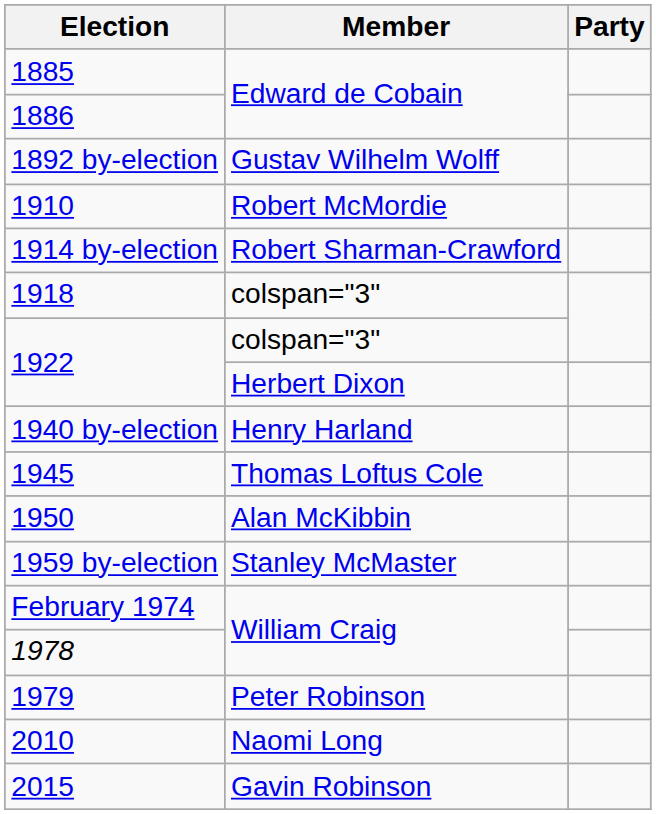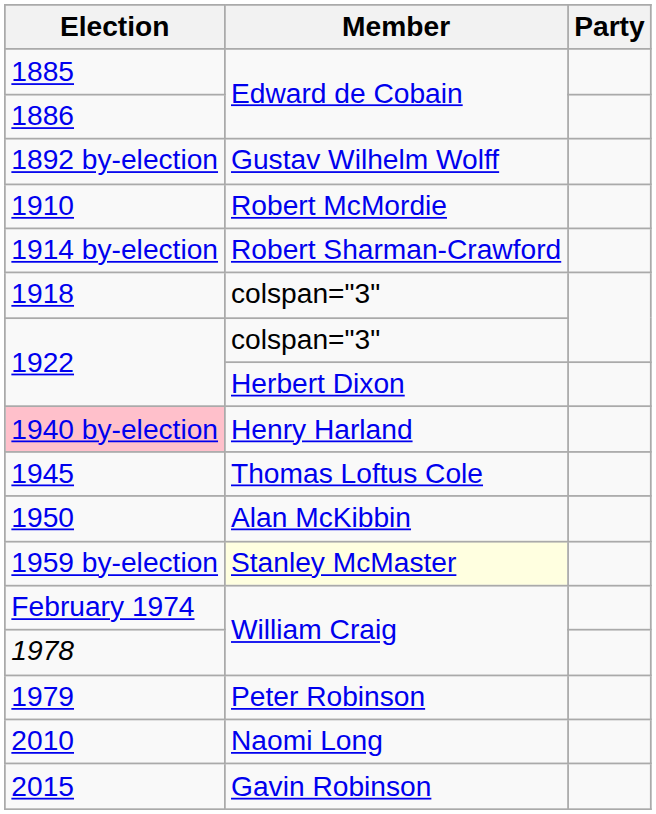 <table class="wikitable">
 <tr>
 <th>Election</th>
 <th>Member</th>
 <th colspan="2">Party</th>
 </tr>
 <tr>
 <td><a href='#'>1885</a></td>
 <td rowspan="2"><a href='#'>Edward de Cobain</a></td>
 <td></td>
 </tr>
 <tr>
 <td><a href='#'>1886</a></td>
 <td></td>
 </tr>
 <tr>
 <td><a href='#'>1892 by-election</a></td>
 <td><a href='#'>Gustav Wilhelm Wolff</a></td>
 <td></td>
 </tr>
 <tr>
 <td><a href='#'>1910</a></td>
 <td><a href='#'>Robert McMordie</a></td>
 <td></td>
 </tr>
 <tr>
 <td><a href='#'>1914 by-election</a></td>
 <td><a href='#'>Robert Sharman-Crawford</a></td>
 <td></td>
 </tr>
 <tr>
 <td><a href='#'>1918</a></td>
 <td>colspan="3"   </td>
 </tr>
 <tr>
 <td rowspan="2"><a href='#'>1922</a></td>
 <td>colspan="3"   </td>
 </tr>
 <tr>
 <td><a href='#'>Herbert Dixon</a></td>
 <td></td>
 </tr>
 <tr>
-<td><a href='#'>1940 by-election</a></td>
+<td style="background: pink;"><a href='#'>1940 by-election</a></td>
 <td><a href='#'>Henry Harland</a></td>
 <td></td>
 </tr>
 <tr>
 <td><a href='#'>1945</a></td>
 <td><a href='#'>Thomas Loftus Cole</a></td>
 <td></td>
 </tr>
 <tr>
 <td><a href='#'>1950</a></td>
 <td><a href='#'>Alan McKibbin</a></td>
 <td></td>
 </tr>
 <tr>
 <td><a href='#'>1959 by-election</a></td>
-<td><a href='#'>Stanley McMaster</a></td>
+<td style="background: lightyellow;"><a href='#'>Stanley McMaster</a></td>
 <td></td>
 </tr>
 <tr>
 <td><a href='#'>February 1974</a></td>
 <td rowspan=2><a href='#'>William Craig</a></td>
 <td></td>
 </tr>
 <tr>
 <td><em>1978</em></td>
 <td></td>
 </tr>
 <tr>
 <td><a href='#'>1979</a></td>
 <td><a href='#'>Peter Robinson</a></td>
 <td></td>
 </tr>
 <tr>
 <td><a href='#'>2010</a></td>
 <td><a href='#'>Naomi Long</a></td>
 <td></td>
 </tr>
 <tr>
 <td><a href='#'>2015</a></td>
 <td><a href='#'>Gavin Robinson</a></td>
 <td></td>
 </tr>
 </table>
